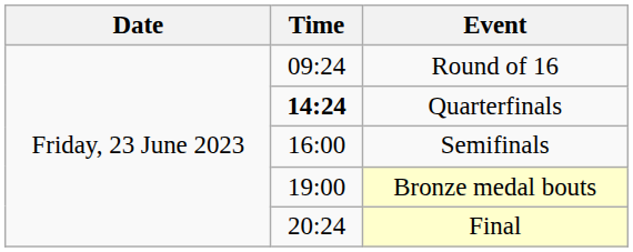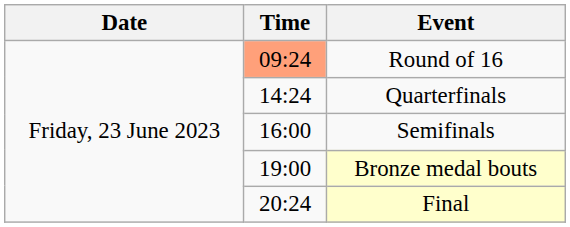 <table class = "wikitable" style="text-align:center;">
 <tr>
 <th width=160>Date</th>
 <th width=50>Time</th>
 <th width=160>Event</th>
 </tr>
 <tr>
 <td rowspan=5>Friday, 23 June 2023</td>
-<td>09:24</td>
+<td style="background: lightsalmon;">09:24</td>
 <td>Round of 16</td>
 </tr>
 <tr>
-<td><strong>14:24</strong></td>
+<td>14:24</td>
 <td>Quarterfinals</td>
 </tr>
 <tr>
 <td>16:00</td>
 <td>Semifinals</td>
 </tr>
 <tr>
 <td>19:00</td>
 <td bgcolor=ffffcc>Bronze medal bouts</td>
 </tr>
 <tr>
 <td>20:24</td>
 <td bgcolor=ffffcc>Final</td>
 </tr>
 </table>
